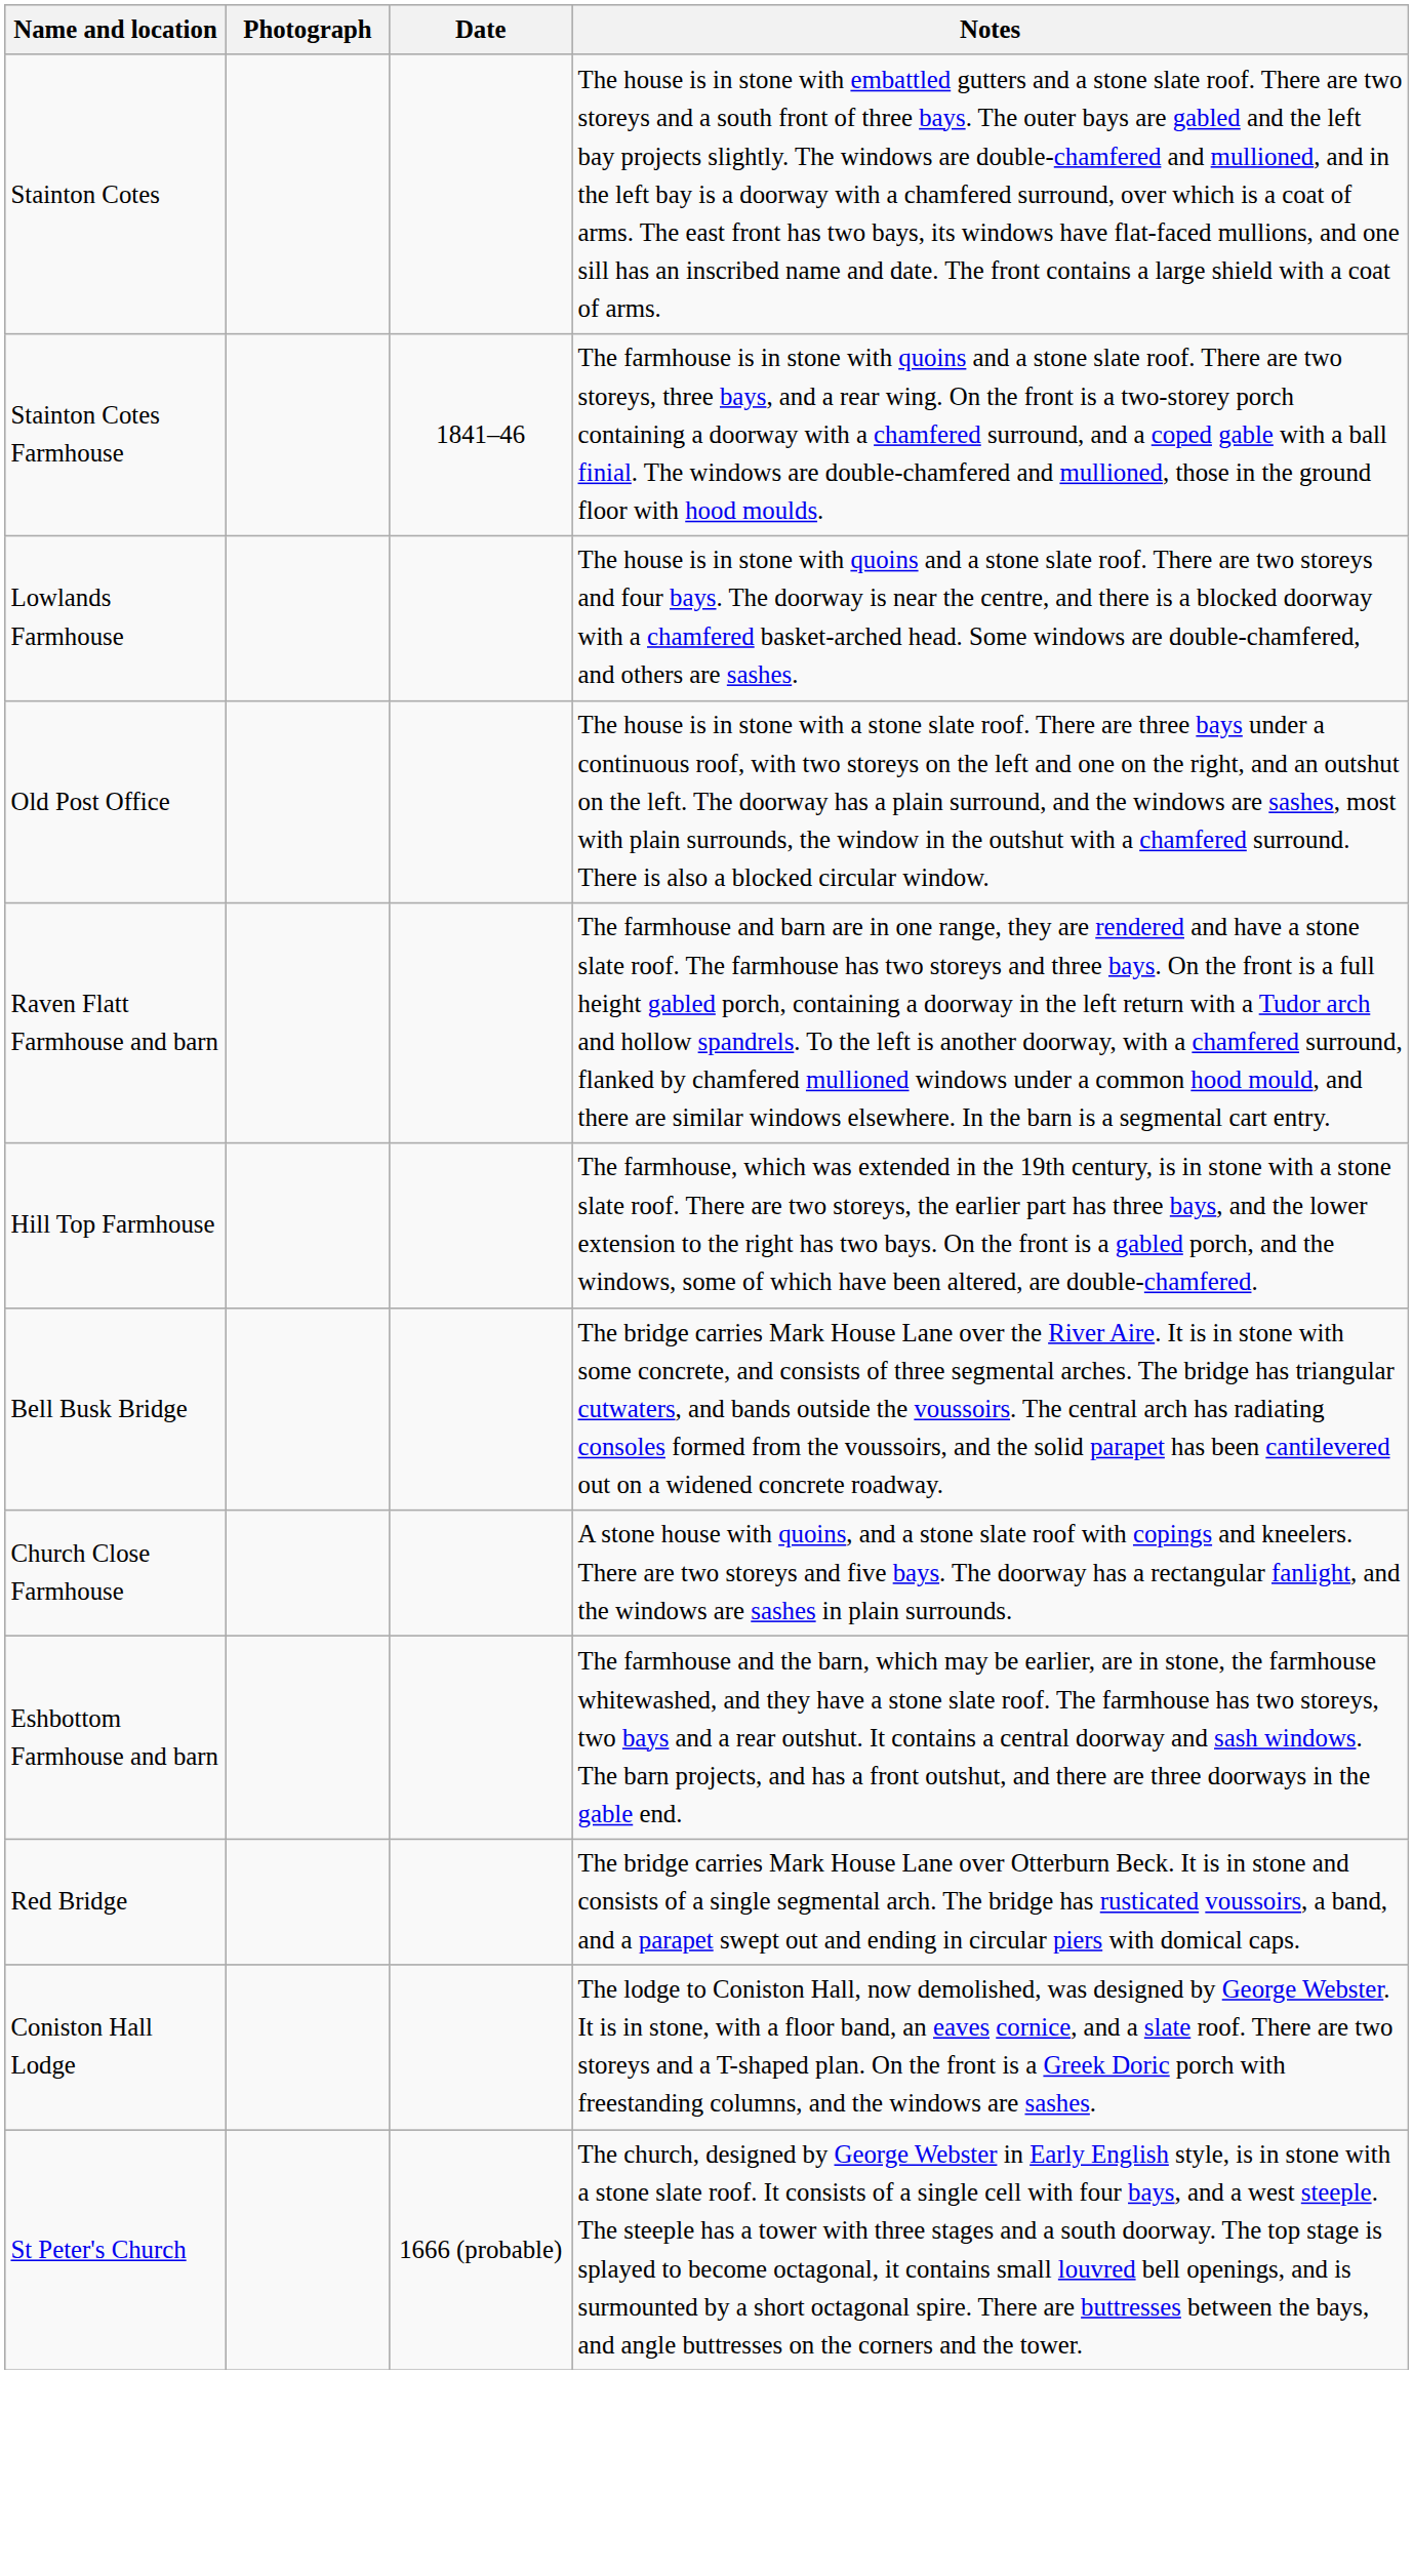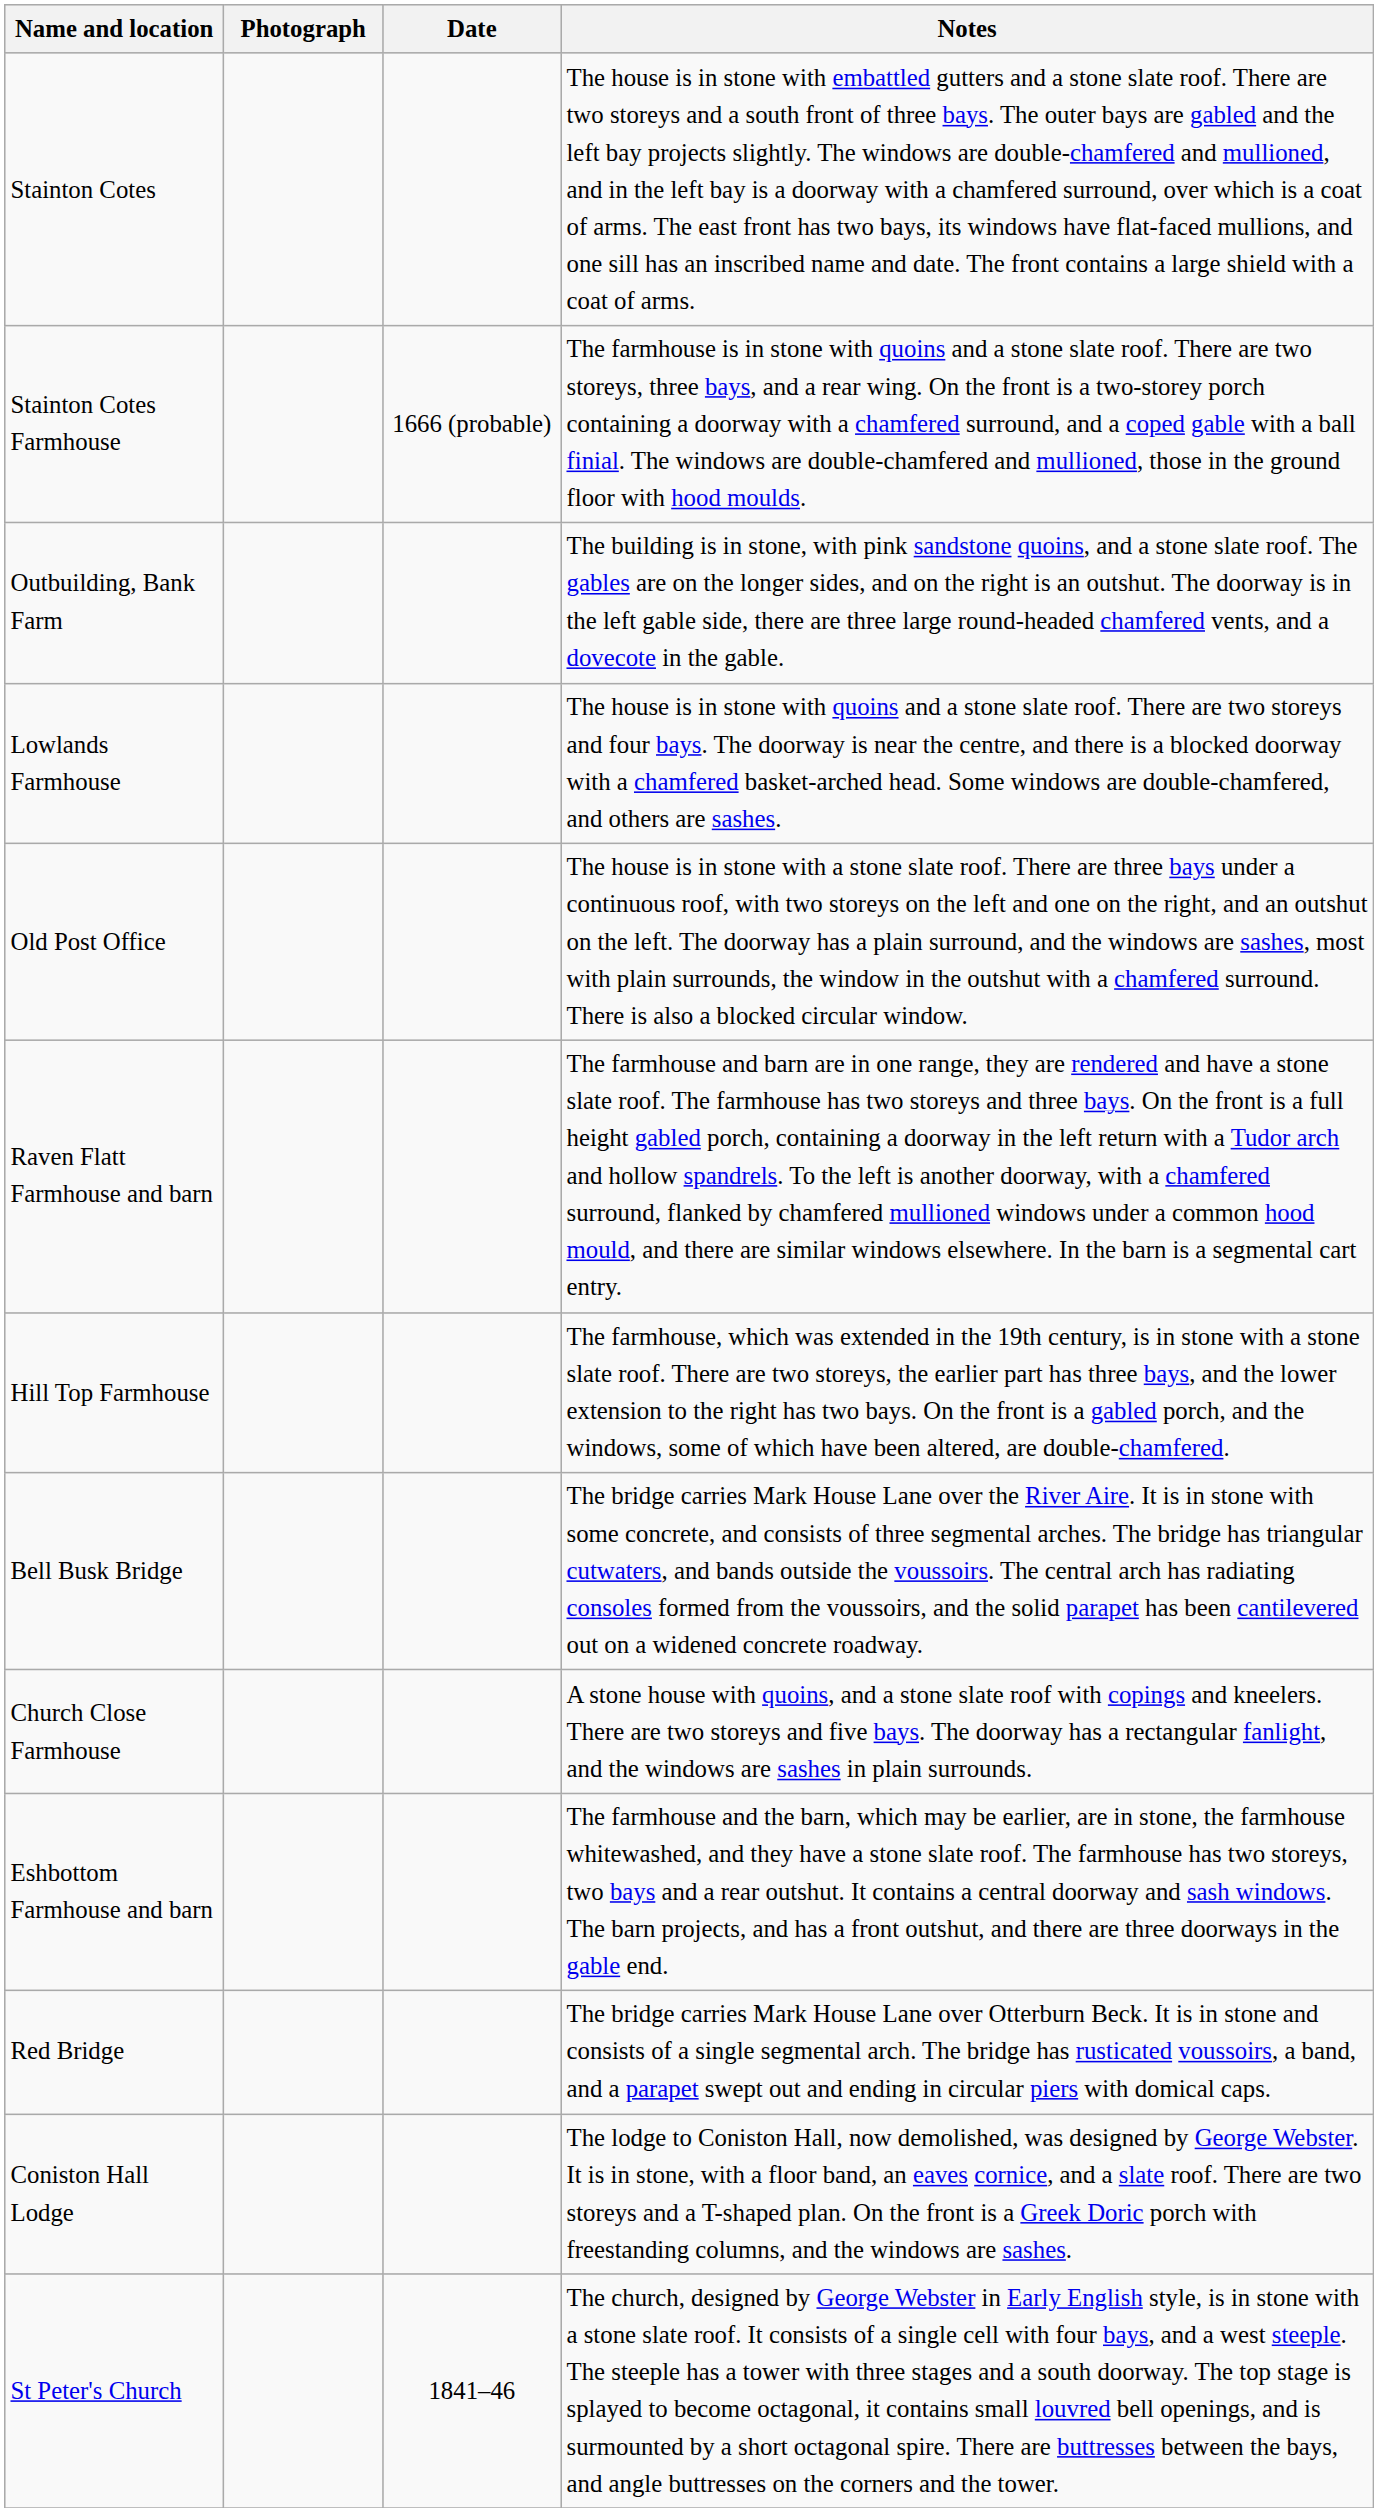 <table class="wikitable sortable plainrowheaders" style="width:100%;border:0px;text-align:left;line-height:150%;">
 <tr>
 <th scope="col"  style="width:150px">Name and location</th>
 <th scope="col"  style="width:100px" class="unsortable">Photograph</th>
 <th scope="col"  style="width:120px">Date</th>
 <th scope="col"  style="width:650px" class="unsortable">Notes</th>
 </tr>
 <tr>
 <td>Stainton Cotes<br><small></small></td>
 <td></td>
 <td align="center"></td>
 <td>The house is in stone with <a href='#'>embattled</a> gutters and a stone slate roof.  There are two storeys and a south front of three <a href='#'>bays</a>.  The outer bays are <a href='#'>gabled</a> and the left bay projects slightly.  The windows are double-<a href='#'>chamfered</a> and <a href='#'>mullioned</a>, and in the left bay is a doorway with a chamfered surround, over which is a coat of arms.  The east front has two bays, its windows have flat-faced mullions, and one sill has an inscribed name and date.  The front contains a large shield with a coat of arms.</td>
 </tr>
 <tr>
 <td>Stainton Cotes Farmhouse<br><small></small></td>
 <td></td>
-<td align="center">1841–46</td>
+<td align="center">1666 (probable)</td>
 <td>The farmhouse is in stone with <a href='#'>quoins</a> and a stone slate roof.  There are two storeys, three <a href='#'>bays</a>, and a rear wing.  On the front is a two-storey porch containing a doorway with a <a href='#'>chamfered</a> surround, and a <a href='#'>coped</a> <a href='#'>gable</a> with a ball <a href='#'>finial</a>.  The windows are double-chamfered and <a href='#'>mullioned</a>, those in the ground floor with <a href='#'>hood moulds</a>.</td>
+</tr>
+<tr>
+<td>Outbuilding, Bank Farm<br><small></small></td>
+<td></td>
+<td align="center"></td>
+<td>The building is in stone, with pink <a href='#'>sandstone</a> <a href='#'>quoins</a>, and a stone slate roof.  The <a href='#'>gables</a> are on the longer sides, and on the right is an outshut.  The doorway is in the left gable side, there are three large round-headed <a href='#'>chamfered</a> vents, and a <a href='#'>dovecote</a> in the gable.</td>
 </tr>
 <tr>
 <td>Lowlands Farmhouse<br><small></small></td>
 <td></td>
 <td align="center"></td>
 <td>The house is in stone with <a href='#'>quoins</a> and a stone slate roof.  There are two storeys and four <a href='#'>bays</a>.  The doorway is near the centre, and there is a blocked doorway with a <a href='#'>chamfered</a> basket-arched head.  Some windows are double-chamfered, and others are <a href='#'>sashes</a>.</td>
 </tr>
 <tr>
 <td>Old Post Office<br><small></small></td>
 <td></td>
 <td align="center"></td>
 <td>The house is in stone with a stone slate roof.  There are three <a href='#'>bays</a> under a continuous roof, with two storeys on the left and one on the right, and an outshut on the left.  The doorway has a plain surround, and the windows are <a href='#'>sashes</a>, most with plain surrounds, the window in the outshut with a <a href='#'>chamfered</a> surround.  There is also a blocked circular window.</td>
 </tr>
 <tr>
 <td>Raven Flatt Farmhouse and barn<br><small></small></td>
 <td></td>
 <td align="center"></td>
 <td>The farmhouse and barn are in one range, they are <a href='#'>rendered</a> and have a stone slate roof.  The farmhouse has two storeys and three <a href='#'>bays</a>.  On the front is a full height <a href='#'>gabled</a> porch, containing a doorway in the left return with a <a href='#'>Tudor arch</a> and hollow <a href='#'>spandrels</a>.  To the left is another doorway, with a <a href='#'>chamfered</a> surround, flanked by chamfered <a href='#'>mullioned</a> windows under a common <a href='#'>hood mould</a>, and there are similar windows elsewhere.  In the barn is a segmental cart entry.</td>
 </tr>
 <tr>
 <td>Hill Top Farmhouse<br><small></small></td>
 <td></td>
 <td align="center"></td>
 <td>The farmhouse, which was extended in the 19th century, is in stone with a stone slate roof.  There are two storeys, the earlier part has three <a href='#'>bays</a>, and the lower extension to the right has two bays.  On the front is a <a href='#'>gabled</a> porch, and the windows, some of which have been altered, are double-<a href='#'>chamfered</a>.</td>
 </tr>
 <tr>
 <td>Bell Busk Bridge<br><small></small></td>
 <td></td>
 <td align="center"></td>
 <td>The bridge carries Mark House Lane over the <a href='#'>River Aire</a>.  It is in stone with some concrete, and consists of three segmental arches.  The bridge has triangular <a href='#'>cutwaters</a>, and bands outside the <a href='#'>voussoirs</a>.  The central arch has radiating <a href='#'>consoles</a> formed from the voussoirs, and the solid <a href='#'>parapet</a> has been <a href='#'>cantilevered</a> out on a widened concrete roadway.</td>
 </tr>
 <tr>
 <td>Church Close Farmhouse<br><small></small></td>
 <td></td>
 <td align="center"></td>
 <td>A stone house with <a href='#'>quoins</a>, and a stone slate roof with <a href='#'>copings</a> and kneelers.  There are two storeys and five <a href='#'>bays</a>.  The doorway has a rectangular <a href='#'>fanlight</a>, and the windows are <a href='#'>sashes</a> in plain surrounds.</td>
 </tr>
 <tr>
 <td>Eshbottom Farmhouse and barn<br><small></small></td>
 <td></td>
 <td align="center"></td>
 <td>The farmhouse and the barn, which may be earlier, are in stone, the farmhouse whitewashed, and they have a stone slate roof.  The farmhouse has two storeys, two <a href='#'>bays</a> and a rear outshut.  It contains a central doorway and <a href='#'>sash windows</a>.  The barn projects, and has a front outshut, and there are three doorways in the <a href='#'>gable</a> end.</td>
 </tr>
 <tr>
 <td>Red Bridge<br><small></small></td>
 <td></td>
 <td align="center"></td>
 <td>The bridge carries Mark House Lane over Otterburn Beck.  It is in stone and consists of a single segmental arch.  The bridge has <a href='#'>rusticated</a> <a href='#'>voussoirs</a>, a band, and a <a href='#'>parapet</a> swept out and ending in circular <a href='#'>piers</a> with domical caps.</td>
 </tr>
 <tr>
 <td>Coniston Hall Lodge<br><small></small></td>
 <td></td>
 <td align="center"></td>
 <td>The lodge to Coniston Hall, now demolished, was designed by <a href='#'>George Webster</a>.  It is in stone, with a floor band, an <a href='#'>eaves</a> <a href='#'>cornice</a>, and a <a href='#'>slate</a> roof.  There are two storeys and a T-shaped plan.  On the front is a <a href='#'>Greek Doric</a> porch with freestanding columns, and the windows are <a href='#'>sashes</a>.</td>
 </tr>
 <tr>
 <td><a href='#'>St Peter's Church</a><br><small></small></td>
 <td></td>
-<td align="center">1666 (probable)</td>
+<td align="center">1841–46</td>
 <td>The church, designed by <a href='#'>George Webster</a> in <a href='#'>Early English</a> style, is in stone with a stone slate roof.  It consists of a single cell with four <a href='#'>bays</a>, and a west <a href='#'>steeple</a>.  The steeple has a tower with three stages and a south doorway.  The top stage is splayed to become octagonal, it contains small <a href='#'>louvred</a> bell openings, and is surmounted by a short octagonal spire.  There are <a href='#'>buttresses</a> between the bays, and angle buttresses on the corners and the tower.</td>
 </tr>
 <tr>
 </tr>
 </table>
